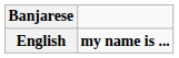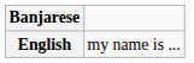 <table class="wikitable">
 <tr style="vertical-align: top;">
 <th scope="row">Banjarese</th>
 <td></td>
 </tr>
 <tr style="vertical-align: top;">
 <th scope="row">English</th>
-<td><strong>my name is ...</strong></td>
+<td>my name is ...</td>
 </tr>
 </table>
